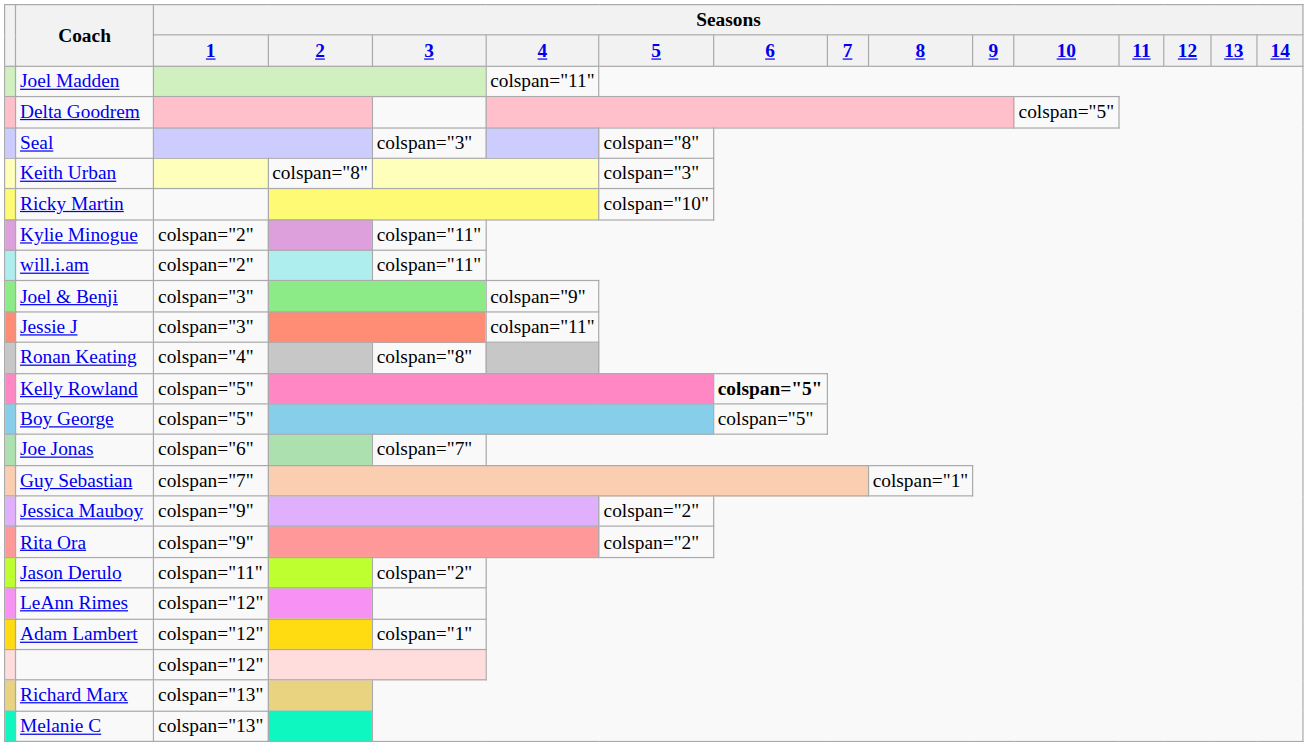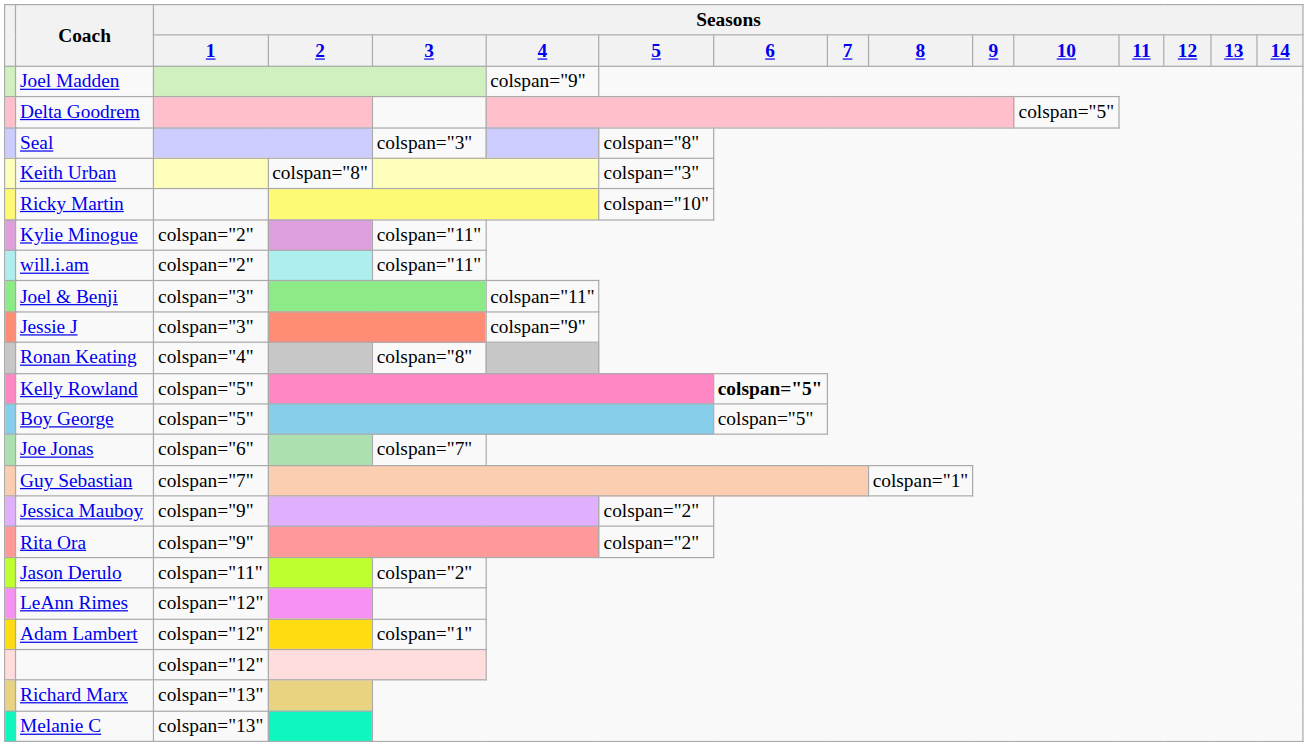 <table class="wikitable plainrowheaders collapsible mw-collapsible" style="width:85%">
 <tr>
 <th rowspan="2" colspan="2" style="width:1%"></th>
 <th rowspan="2" style="width:15%">Coach</th>
 <th colspan="14">Seasons</th>
 </tr>
 <tr>
 <th style="width:5%"><a href='#'>1</a></th>
 <th style="width:5%"><a href='#'>2</a></th>
 <th style="width:5%"><a href='#'>3</a></th>
 <th style="width:5%"><a href='#'>4</a></th>
 <th style="width:5%"><a href='#'>5</a></th>
 <th style="width:5%"><a href='#'>6</a></th>
 <th style="width:5%"><a href='#'>7</a></th>
 <th style="width:5%"><a href='#'>8</a></th>
 <th style="width:5%"><a href='#'>9</a></th>
 <th style="width:5%"><a href='#'>10</a></th>
 <th style="width:5%"><a href='#'>11</a></th>
 <th style="width:5%"><a href='#'>12</a></th>
 <th style="width:5%"><a href='#'>13</a></th>
 <th style="width:5%"><a href='#'>14</a></th>
 </tr>
 <tr>
 <th colspan="2" style="background:#d0f0c0"></th>
 <td><a href='#'>Joel Madden</a></td>
 <td colspan="3" style="background:#d0f0c0"></td>
-<td>colspan="11" </td>
+<td>colspan="9" </td>
 </tr>
 <tr>
 <th colspan="2" style="background: pink"></th>
 <td><a href='#'>Delta Goodrem</a></td>
 <td colspan="2" style="background: pink"></td>
 <td></td>
 <td colspan="6" style="background: pink"></td>
 <td>colspan="5" </td>
 </tr>
 <tr>
 <th colspan="2" style="background:#ccccff"></th>
 <td><a href='#'>Seal</a></td>
 <td colspan="2" style="background:#ccccff"></td>
 <td>colspan="3" </td>
 <td style="background:#ccccff"></td>
 <td>colspan="8" </td>
 </tr>
 <tr>
 <th colspan="2" style="background:#ffffbc"></th>
 <td><a href='#'>Keith Urban</a></td>
 <td style="background:#ffffbc"></td>
 <td>colspan="8" </td>
 <td colspan="2" style="background:#ffffbc"></td>
 <td>colspan="3" </td>
 </tr>
 <tr>
 <th colspan="2" style="background:#fffa73"></th>
 <td><a href='#'>Ricky Martin</a></td>
 <td></td>
 <td colspan="3" style="background:#fffa73"></td>
 <td>colspan="10" </td>
 </tr>
 <tr>
 <th colspan="2" style="background:#dda0dd"></th>
 <td><a href='#'>Kylie Minogue</a></td>
 <td>colspan="2" </td>
 <td style="background:#dda0dd"></td>
 <td>colspan="11" </td>
 </tr>
 <tr>
 <th colspan="2" style="background:#afeeee"></th>
 <td><a href='#'>will.i.am</a></td>
 <td>colspan="2" </td>
 <td style="background:#afeeee"></td>
 <td>colspan="11" </td>
 </tr>
 <tr>
 <th colspan="2" style="background:#8deb87"></th>
 <td><a href='#'>Joel & Benji</a></td>
 <td>colspan="3" </td>
 <td colspan="2" style="background:#8deb87"></td>
-<td>colspan="9" </td>
+<td>colspan="11" </td>
 </tr>
 <tr>
 <th colspan="2" style="background:#ff8c75"></th>
 <td><a href='#'>Jessie J</a></td>
 <td>colspan="3" </td>
 <td colspan="2" style="background:#ff8c75"></td>
-<td>colspan="11" </td>
+<td>colspan="9" </td>
 </tr>
 <tr>
 <th colspan="2" style="background:#c7c7c7"></th>
 <td><a href='#'>Ronan Keating</a></td>
 <td>colspan="4" </td>
 <td style="background:#c7c7c7"></td>
 <td>colspan="8" </td>
 <td style="background:#c7c7c7"></td>
 </tr>
 <tr>
 <th colspan="2" style="background:#FF87C3"></th>
 <td><a href='#'>Kelly Rowland</a></td>
 <td>colspan="5" </td>
 <td colspan="4" style="background:#FF87C3"></td>
 <td><strong>colspan="5" </strong></td>
 </tr>
 <tr>
 <th colspan="2" style="background:#87ceeb"></th>
 <td><a href='#'>Boy George</a></td>
 <td>colspan="5" </td>
 <td colspan="4" style="background:#87ceeb"></td>
 <td>colspan="5" </td>
 </tr>
 <tr>
 <th colspan="2" style="background:#ace1af"></th>
 <td><a href='#'>Joe Jonas</a></td>
 <td>colspan="6" </td>
 <td style="background:#ace1af"></td>
 <td>colspan="7" </td>
 </tr>
 <tr>
 <th colspan="2" style="background:#fbceb1"></th>
 <td><a href='#'>Guy Sebastian</a></td>
 <td>colspan="7" </td>
 <td colspan=6 style="background:#fbceb1"></td>
 <td>colspan="1" </td>
 </tr>
 <tr>
 <th colspan="2" style="background:#E0B0ff"></th>
 <td><a href='#'>Jessica Mauboy</a></td>
 <td>colspan="9" </td>
 <td colspan="3" style="background:#E0B0ff"></td>
 <td>colspan="2" </td>
 </tr>
 <tr>
 <th colspan="2" style="background:#ff9999"></th>
 <td><a href='#'>Rita Ora</a></td>
 <td>colspan="9" </td>
 <td colspan="3" style="background:#ff9999"></td>
 <td>colspan="2" </td>
 </tr>
 <tr>
 <th colspan="2" style="background:#bdff2f"></th>
 <td><a href='#'>Jason Derulo</a></td>
 <td>colspan="11" </td>
 <td colspan="1" style="background:#bdff2f"></td>
 <td>colspan="2" </td>
 </tr>
 <tr>
 <th colspan="2" style="background:#f791f3"></th>
 <td><a href='#'>LeAnn Rimes</a></td>
 <td>colspan="12" </td>
 <td colspan="1" style="background:#f791f3"></td>
 <td></td>
 </tr>
 <tr>
 <th colspan="2" style="background:#ffdb11"></th>
 <td><a href='#'>Adam Lambert</a></td>
 <td>colspan="12" </td>
 <td colspan="1" style="background:#ffdb11"></td>
 <td>colspan="1" </td>
 </tr>
 <tr>
 <th colspan="2" style="background:#ffdddd"></th>
 <td></td>
 <td>colspan="12" </td>
 <td colspan="2" style="background:#ffdddd"></td>
 </tr>
 <tr>
 <td colspan="2" style="background:#E9D380"></td>
 <td><a href='#'>Richard Marx</a></td>
 <td>colspan="13" </td>
 <td colspan="1" style="background:#E9D380"></td>
 </tr>
 <tr>
 <th colspan="2" style="background:#0ff7c0"></th>
 <td><a href='#'>Melanie C</a></td>
 <td>colspan="13" </td>
 <td colspan="1" style="background:#0ff7c0"></td>
 </tr>
 <tr>
 </tr>
 </table>
